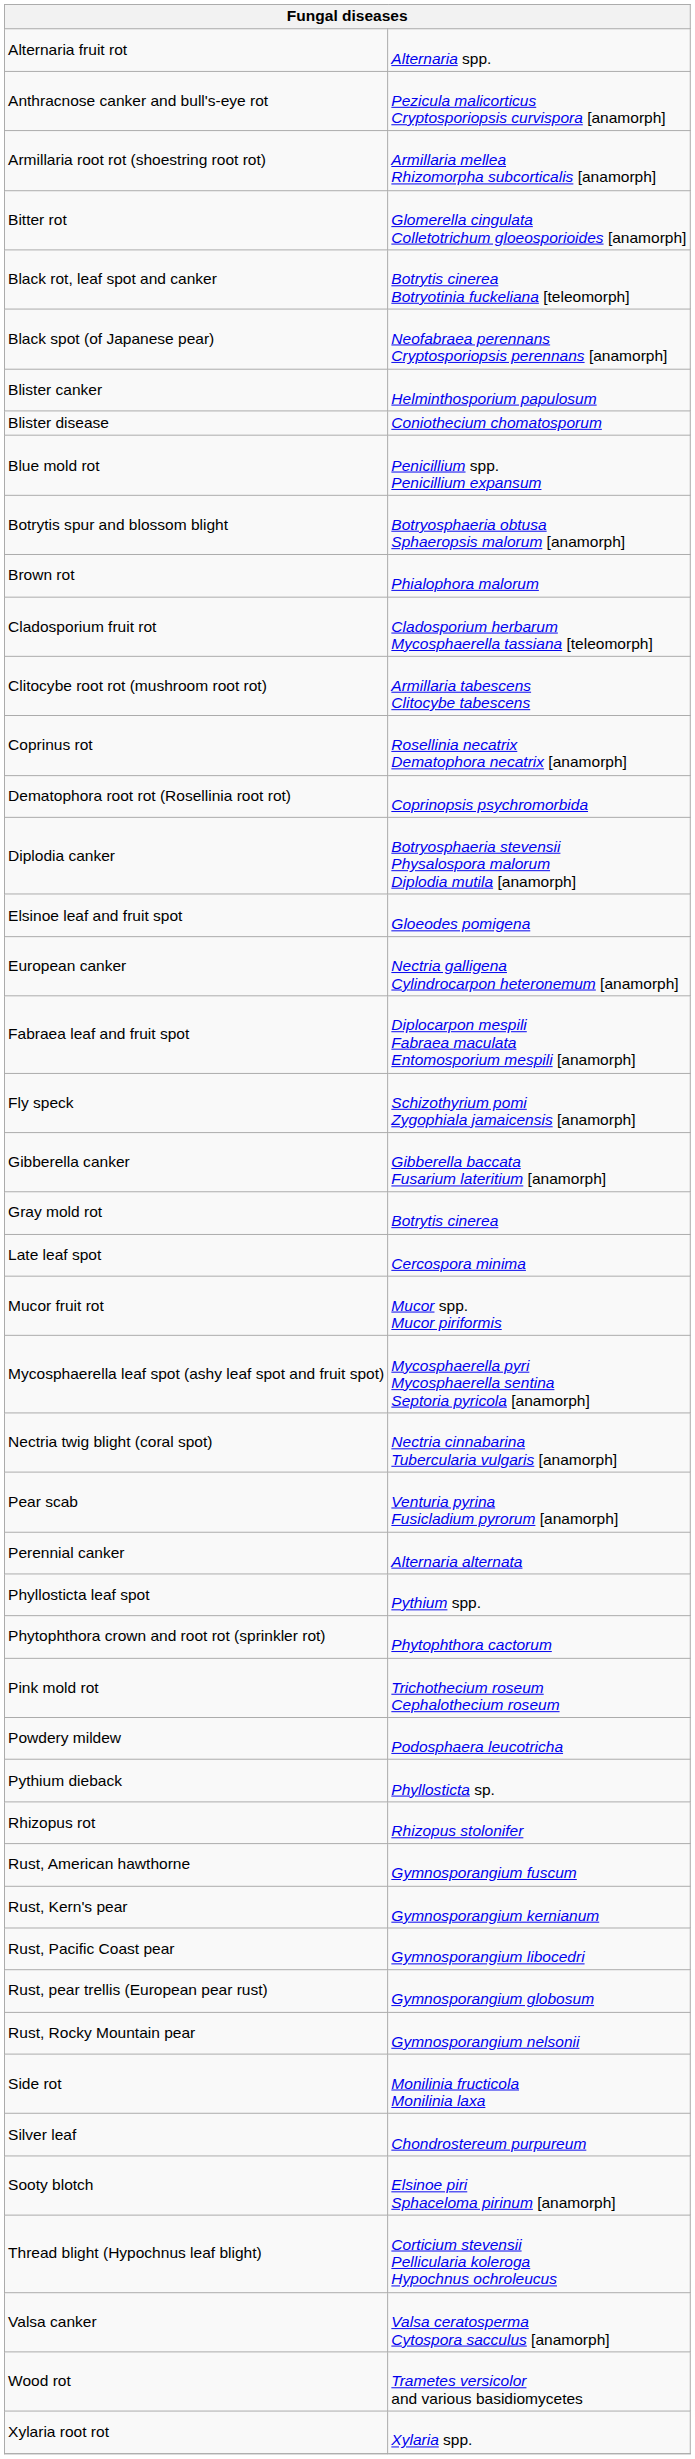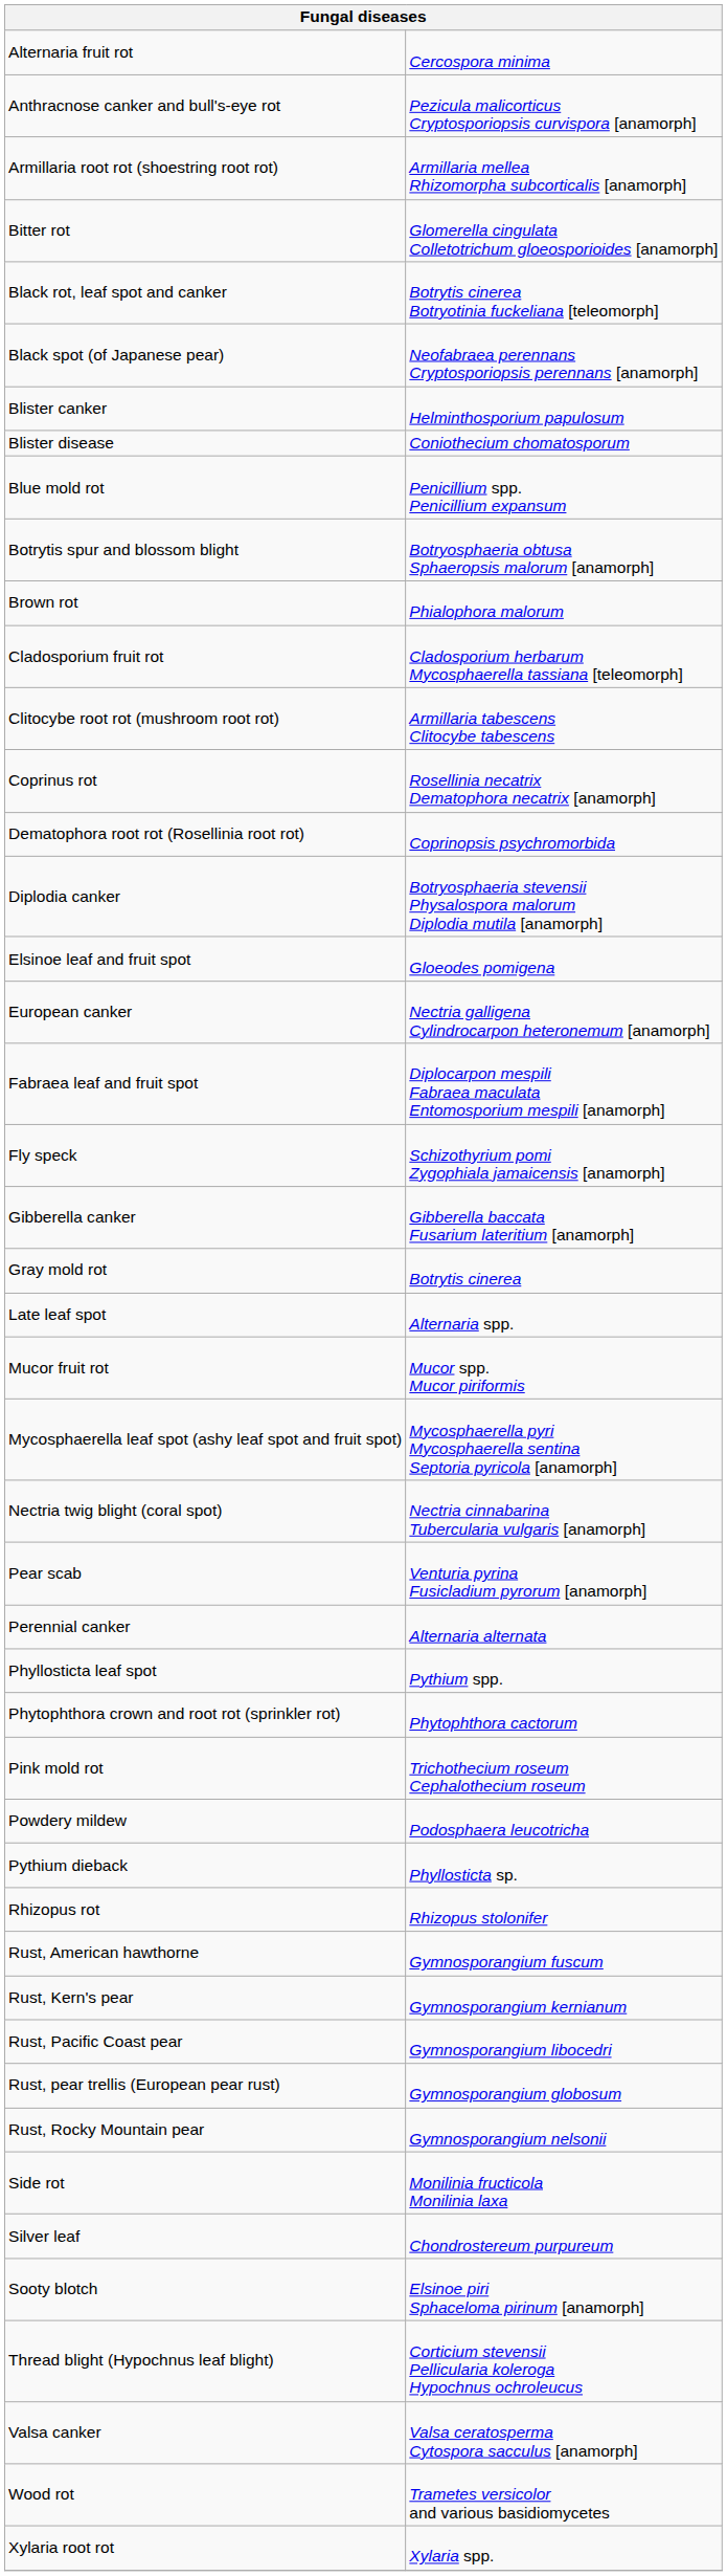 <table class="wikitable" style="clear">
 <tr>
 <th colspan=2><strong>Fungal diseases</strong><br></th>
 </tr>
 <tr>
 <td>Alternaria fruit rot</td>
-<td><br><em><a href='#'>Alternaria</a></em> spp.</td>
+<td><br><em><a href='#'>Cercospora minima</a></em></td>
 </tr>
 <tr>
 <td>Anthracnose canker and bull's-eye rot</td>
 <td><br><em><a href='#'>Pezicula malicorticus</a></em><br> <em><a href='#'>Cryptosporiopsis curvispora</a></em> [anamorph]</td>
 </tr>
 <tr>
 <td>Armillaria root rot (shoestring root rot)</td>
 <td><br><em><a href='#'>Armillaria mellea</a></em><br> <em><a href='#'>Rhizomorpha subcorticalis</a></em> [anamorph]</td>
 </tr>
 <tr>
 <td>Bitter rot</td>
 <td><br><em><a href='#'>Glomerella cingulata</a></em><br> <em><a href='#'>Colletotrichum gloeosporioides</a></em> [anamorph]</td>
 </tr>
 <tr>
 <td>Black rot, leaf spot and canker</td>
 <td><br><em><a href='#'>Botrytis cinerea</a></em><br> <em><a href='#'>Botryotinia fuckeliana</a></em> [teleomorph]</td>
 </tr>
 <tr>
 <td>Black spot (of Japanese pear)</td>
 <td><br><em><a href='#'>Neofabraea perennans</a></em><br> <em><a href='#'>Cryptosporiopsis perennans</a></em> [anamorph]</td>
 </tr>
 <tr>
 <td>Blister canker</td>
 <td><br><em><a href='#'>Helminthosporium papulosum</a></em></td>
 </tr>
 <tr>
 <td>Blister disease</td>
 <td><em><a href='#'>Coniothecium chomatosporum</a></em></td>
 </tr>
 <tr>
 <td>Blue mold rot</td>
 <td><br><em><a href='#'>Penicillium</a></em> spp. <br> <em><a href='#'>Penicillium expansum</a></em></td>
 </tr>
 <tr>
 <td>Botrytis spur and blossom blight</td>
 <td><br><em><a href='#'>Botryosphaeria obtusa</a></em><br> <em><a href='#'>Sphaeropsis malorum</a></em> [anamorph]</td>
 </tr>
 <tr>
 <td>Brown rot</td>
 <td><br><em><a href='#'>Phialophora malorum</a></em></td>
 </tr>
 <tr>
 <td>Cladosporium fruit rot</td>
 <td><br><em><a href='#'>Cladosporium herbarum</a></em><br> <em><a href='#'>Mycosphaerella tassiana</a></em> [teleomorph]</td>
 </tr>
 <tr>
 <td>Clitocybe root rot (mushroom root rot) <br></td>
 <td><br><em><a href='#'>Armillaria tabescens</a></em> <br>  <em><a href='#'>Clitocybe tabescens</a></em></td>
 </tr>
 <tr>
 <td>Coprinus rot</td>
 <td><br><em><a href='#'>Rosellinia necatrix</a></em><br> <em><a href='#'>Dematophora necatrix</a></em> [anamorph]</td>
 </tr>
 <tr>
 <td>Dematophora root rot (Rosellinia root rot)</td>
 <td><br><em><a href='#'>Coprinopsis psychromorbida</a></em></td>
 </tr>
 <tr>
 <td>Diplodia canker</td>
 <td><br><em><a href='#'>Botryosphaeria stevensii</a></em> <br>  <em><a href='#'>Physalospora malorum</a></em><br> <em><a href='#'>Diplodia mutila</a></em> [anamorph]</td>
 </tr>
 <tr>
 <td>Elsinoe leaf and fruit spot</td>
 <td><br><em><a href='#'>Gloeodes pomigena</a></em></td>
 </tr>
 <tr>
 <td>European canker</td>
 <td><br><em><a href='#'>Nectria galligena</a></em><br> <em><a href='#'>Cylindrocarpon heteronemum</a></em> [anamorph]</td>
 </tr>
 <tr>
 <td>Fabraea leaf and fruit spot</td>
 <td><br><em><a href='#'>Diplocarpon mespili</a></em> <br>  <em><a href='#'>Fabraea maculata</a></em><br> <em><a href='#'>Entomosporium mespili</a></em> [anamorph]</td>
 </tr>
 <tr>
 <td>Fly speck</td>
 <td><br><em><a href='#'>Schizothyrium pomi</a></em> <br> <em><a href='#'>Zygophiala jamaicensis</a></em> [anamorph]</td>
 </tr>
 <tr>
 <td>Gibberella canker</td>
 <td><br><em><a href='#'>Gibberella baccata</a></em><br> <em><a href='#'>Fusarium lateritium</a></em> [anamorph]</td>
 </tr>
 <tr>
 <td>Gray mold rot</td>
 <td><br><em><a href='#'>Botrytis cinerea</a></em></td>
 </tr>
 <tr>
 <td>Late leaf spot</td>
-<td><br><em><a href='#'>Cercospora minima</a></em></td>
+<td><br><em><a href='#'>Alternaria</a></em> spp.</td>
 </tr>
 <tr>
 <td>Mucor fruit rot</td>
 <td><br><em><a href='#'>Mucor</a></em> spp. <br> <em><a href='#'>Mucor piriformis</a></em></td>
 </tr>
 <tr>
 <td>Mycosphaerella leaf spot (ashy leaf spot and fruit spot)</td>
 <td><br><em><a href='#'>Mycosphaerella pyri</a></em><br>   <em><a href='#'>Mycosphaerella sentina</a></em><br> <em><a href='#'>Septoria pyricola</a></em> [anamorph]</td>
 </tr>
 <tr>
 <td>Nectria twig blight (coral spot)</td>
 <td><br><em><a href='#'>Nectria cinnabarina</a></em> <br> <em><a href='#'>Tubercularia vulgaris</a></em> [anamorph]</td>
 </tr>
 <tr>
 <td>Pear scab</td>
 <td><br><em><a href='#'>Venturia pyrina</a></em><br> <em><a href='#'>Fusicladium pyrorum</a></em> [anamorph]</td>
 </tr>
 <tr>
 <td>Perennial canker</td>
 <td><br><em><a href='#'>Alternaria alternata</a></em></td>
 </tr>
 <tr>
 <td>Phyllosticta leaf spot</td>
 <td><br><em><a href='#'>Pythium</a></em> spp.</td>
 </tr>
 <tr>
 <td>Phytophthora crown and root rot (sprinkler rot)</td>
 <td><br><em><a href='#'>Phytophthora cactorum</a></em></td>
 </tr>
 <tr>
 <td>Pink mold rot</td>
 <td><br><em><a href='#'>Trichothecium roseum</a></em><br>  <em><a href='#'>Cephalothecium roseum</a></em></td>
 </tr>
 <tr>
 <td>Powdery mildew</td>
 <td><br><em><a href='#'>Podosphaera leucotricha</a></em></td>
 </tr>
 <tr>
 <td>Pythium dieback</td>
 <td><br><em><a href='#'>Phyllosticta</a></em> sp.</td>
 </tr>
 <tr>
 <td>Rhizopus rot</td>
 <td><br><em><a href='#'>Rhizopus stolonifer</a></em></td>
 </tr>
 <tr>
 <td>Rust, American hawthorne</td>
 <td><br><em><a href='#'>Gymnosporangium fuscum</a></em></td>
 </tr>
 <tr>
 <td>Rust, Kern's pear</td>
 <td><br><em><a href='#'>Gymnosporangium kernianum</a></em></td>
 </tr>
 <tr>
 <td>Rust, Pacific Coast pear</td>
 <td><br><em><a href='#'>Gymnosporangium libocedri</a></em></td>
 </tr>
 <tr>
 <td>Rust, pear trellis (European pear rust)</td>
 <td><br><em><a href='#'>Gymnosporangium globosum</a></em></td>
 </tr>
 <tr>
 <td>Rust, Rocky Mountain pear</td>
 <td><br><em><a href='#'>Gymnosporangium nelsonii</a></em></td>
 </tr>
 <tr>
 <td>Side rot</td>
 <td><br><em><a href='#'>Monilinia fructicola</a></em><br> <em><a href='#'>Monilinia laxa</a></em></td>
 </tr>
 <tr>
 <td>Silver leaf</td>
 <td><br><em><a href='#'>Chondrostereum purpureum</a></em></td>
 </tr>
 <tr>
 <td>Sooty blotch</td>
 <td><br><em><a href='#'>Elsinoe piri</a></em><br> <em><a href='#'>Sphaceloma pirinum</a></em> [anamorph]</td>
 </tr>
 <tr>
 <td>Thread blight (Hypochnus leaf blight)</td>
 <td><br><em><a href='#'>Corticium stevensii</a></em> <br>  <em><a href='#'>Pellicularia koleroga</a></em> <br>  <em><a href='#'>Hypochnus ochroleucus</a></em></td>
 </tr>
 <tr>
 <td>Valsa canker</td>
 <td><br><em><a href='#'>Valsa ceratosperma</a></em><br> <em><a href='#'>Cytospora sacculus</a></em> [anamorph]</td>
 </tr>
 <tr>
 <td>Wood rot</td>
 <td><br><em><a href='#'>Trametes versicolor</a></em><br> and various basidiomycetes</td>
 </tr>
 <tr>
 <td>Xylaria root rot</td>
 <td><br><em><a href='#'>Xylaria</a></em> spp.</td>
 </tr>
 <tr>
 </tr>
 </table>
